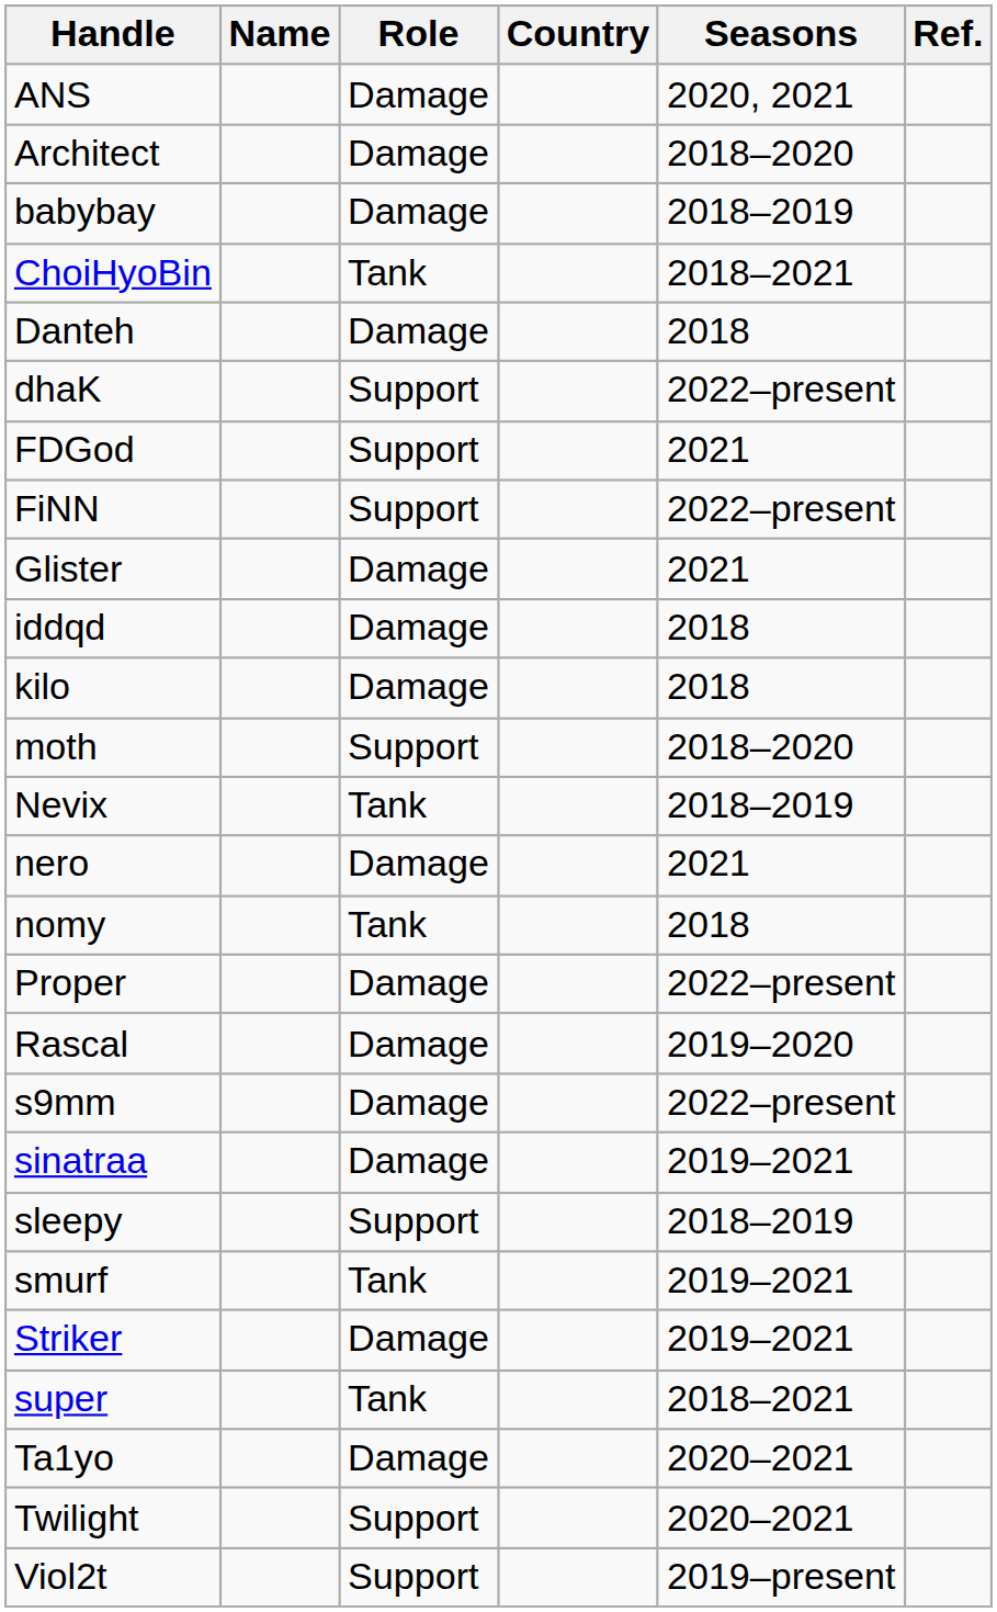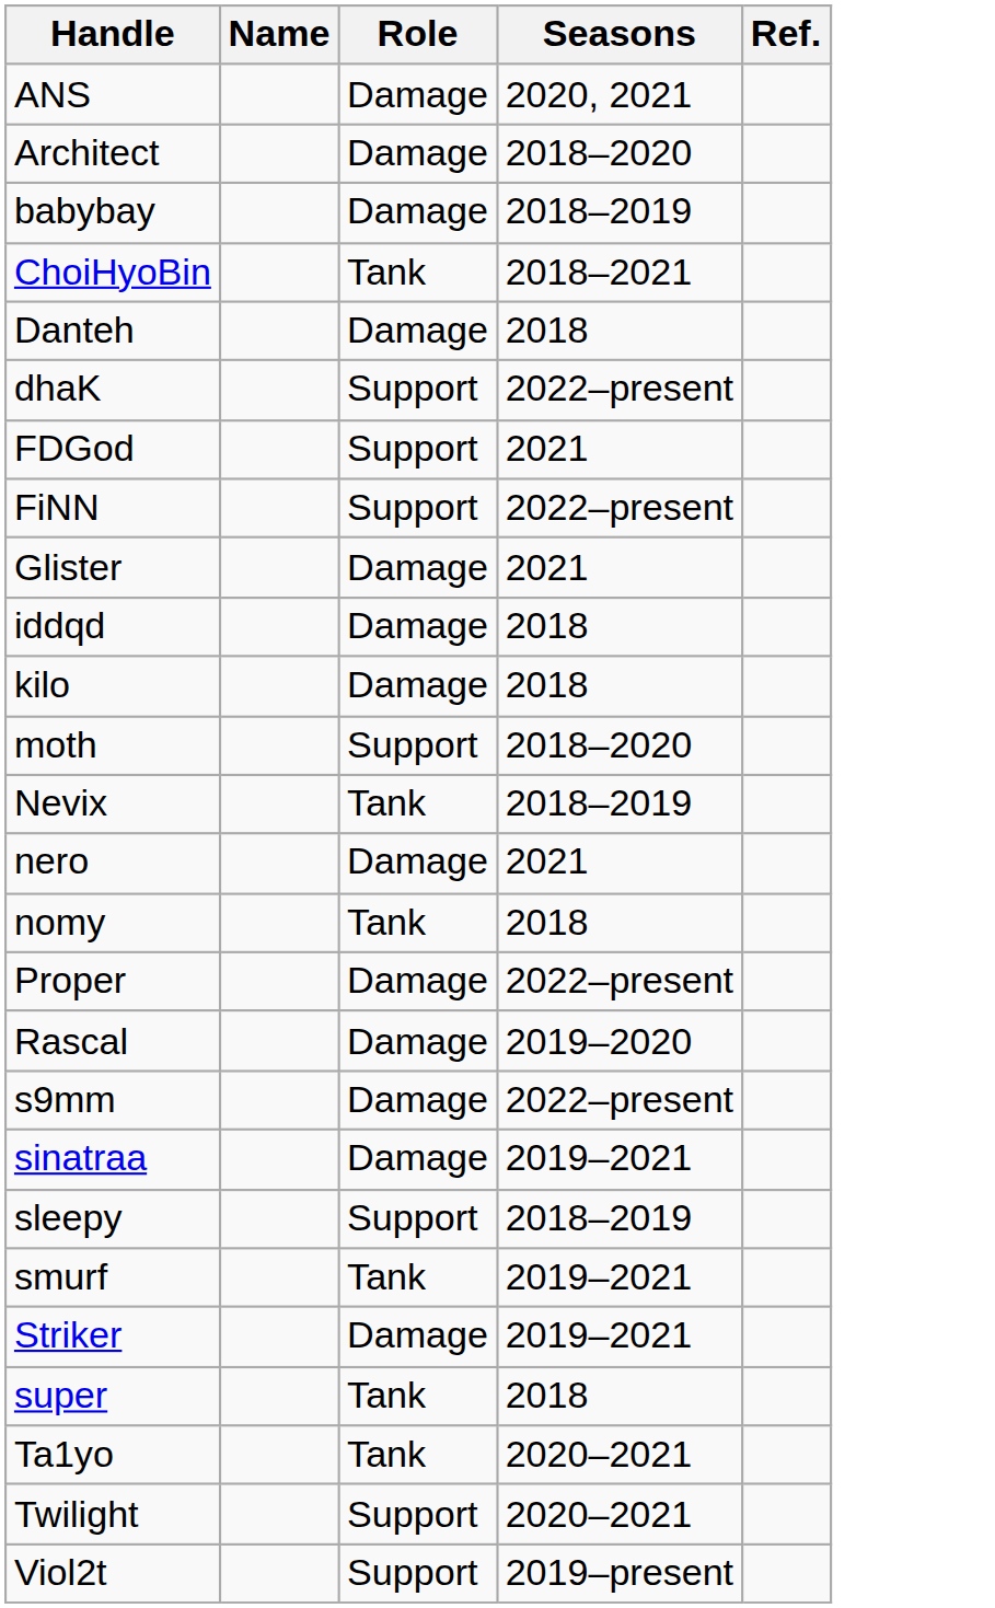 <table class="wikitable sortable" style="text-align:left;">
 <tr>
 <th style="background-color:#">Handle</th>
 <th style="background-color:#">Name</th>
 <th style="background-color:#">Role</th>
-<th style="background-color:#">Country</th>
 <th style="background-color:#">Seasons</th>
 <th style="background-color:#">Ref.</th>
 </tr>
 <tr>
 <td>ANS</td>
 <td></td>
 <td>Damage</td>
-<td></td>
 <td>2020, 2021</td>
 <td></td>
 </tr>
 <tr>
 <td>Architect</td>
 <td></td>
 <td>Damage</td>
-<td></td>
 <td>2018–2020</td>
 <td></td>
 </tr>
 <tr>
 <td>babybay</td>
 <td></td>
 <td>Damage</td>
-<td></td>
 <td>2018–2019</td>
 <td></td>
 </tr>
 <tr>
 <td><a href='#'>ChoiHyoBin</a></td>
 <td></td>
 <td>Tank</td>
-<td></td>
 <td>2018–2021</td>
 <td></td>
 </tr>
 <tr>
 <td>Danteh</td>
 <td></td>
 <td>Damage</td>
-<td></td>
 <td>2018</td>
 <td></td>
 </tr>
 <tr>
 <td>dhaK</td>
 <td></td>
 <td>Support</td>
-<td></td>
 <td>2022–present</td>
 <td></td>
 </tr>
 <tr>
 <td>FDGod</td>
 <td></td>
 <td>Support</td>
-<td></td>
 <td>2021</td>
 <td></td>
 </tr>
 <tr>
 <td>FiNN</td>
 <td></td>
 <td>Support</td>
-<td></td>
 <td>2022–present</td>
 <td></td>
 </tr>
 <tr>
 <td>Glister</td>
 <td></td>
 <td>Damage</td>
-<td></td>
 <td>2021</td>
 <td></td>
 </tr>
 <tr>
 <td>iddqd</td>
 <td></td>
 <td>Damage</td>
-<td></td>
 <td>2018</td>
 <td></td>
 </tr>
 <tr>
 <td>kilo</td>
 <td></td>
 <td>Damage</td>
-<td></td>
 <td>2018</td>
 <td></td>
 </tr>
 <tr>
 <td>moth</td>
 <td></td>
 <td>Support</td>
-<td></td>
 <td>2018–2020</td>
 <td></td>
 </tr>
 <tr>
 <td>Nevix</td>
 <td></td>
 <td>Tank</td>
-<td></td>
 <td>2018–2019</td>
 <td></td>
 </tr>
 <tr>
 <td>nero</td>
 <td></td>
 <td>Damage</td>
-<td></td>
 <td>2021</td>
 <td></td>
 </tr>
 <tr>
 <td>nomy</td>
 <td></td>
 <td>Tank</td>
-<td></td>
 <td>2018</td>
 <td></td>
 </tr>
 <tr>
 <td>Proper</td>
 <td></td>
 <td>Damage</td>
-<td></td>
 <td>2022–present</td>
 <td></td>
 </tr>
 <tr>
 <td>Rascal</td>
 <td></td>
 <td>Damage</td>
-<td></td>
 <td>2019–2020</td>
 <td></td>
 </tr>
 <tr>
 <td>s9mm</td>
 <td></td>
 <td>Damage</td>
-<td></td>
 <td>2022–present</td>
 <td></td>
 </tr>
 <tr>
 <td><a href='#'>sinatraa</a></td>
 <td></td>
 <td>Damage</td>
-<td></td>
 <td>2019–2021</td>
 <td></td>
 </tr>
 <tr>
 <td>sleepy</td>
 <td></td>
 <td>Support</td>
-<td></td>
 <td>2018–2019</td>
 <td></td>
 </tr>
 <tr>
 <td>smurf</td>
 <td></td>
 <td>Tank</td>
-<td></td>
 <td>2019–2021</td>
 <td></td>
 </tr>
 <tr>
 <td><a href='#'>Striker</a></td>
 <td></td>
 <td>Damage</td>
-<td></td>
 <td>2019–2021</td>
 <td></td>
 </tr>
 <tr>
 <td><a href='#'>super</a></td>
 <td></td>
 <td>Tank</td>
-<td></td>
-<td>2018–2021</td>
+<td>2018</td>
 <td></td>
 </tr>
 <tr>
 <td>Ta1yo</td>
 <td></td>
-<td>Damage</td>
-<td></td>
+<td>Tank</td>
 <td>2020–2021</td>
 <td></td>
 </tr>
 <tr>
 <td>Twilight</td>
 <td></td>
 <td>Support</td>
-<td></td>
 <td>2020–2021</td>
 <td></td>
 </tr>
 <tr>
 <td>Viol2t</td>
 <td></td>
 <td>Support</td>
-<td></td>
 <td>2019–present</td>
 <td></td>
 </tr>
 </table>
